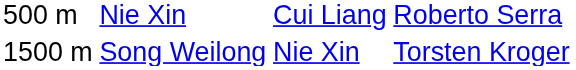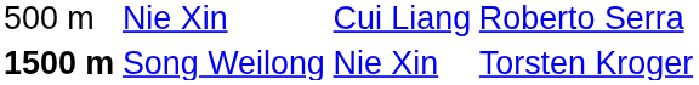 <table>
 <tr>
 <td>500 m</td>
 <td> <a href='#'>Nie Xin</a></td>
 <td> <a href='#'>Cui Liang</a></td>
 <td> <a href='#'>Roberto Serra</a></td>
 </tr>
 <tr>
-<td>1500 m</td>
+<td><strong>1500 m</strong></td>
 <td> <a href='#'>Song Weilong</a></td>
 <td> <a href='#'>Nie Xin</a></td>
 <td> <a href='#'>Torsten Kroger</a></td>
 </tr>
 </table>
